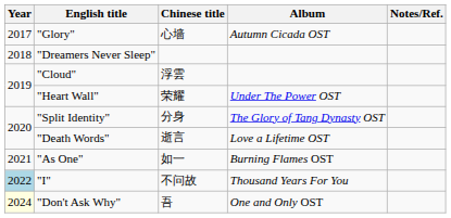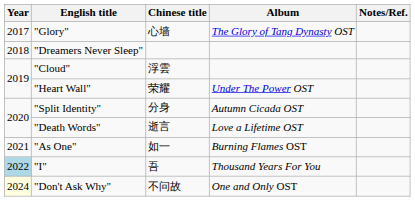 <table class="wikitable">
 <tr>
 <th width=10>Year</th>
 <th>English title</th>
 <th>Chinese title</th>
 <th>Album</th>
 <th>Notes/Ref.</th>
 </tr>
 <tr>
 <td>2017</td>
 <td>"Glory"</td>
 <td>心墙</td>
-<td><em>Autumn Cicada OST</em></td>
+<td><em><a href='#'>The Glory of Tang Dynasty</a> OST</em></td>
 <td></td>
 </tr>
 <tr>
 <td>2018</td>
 <td>"Dreamers Never Sleep"</td>
 <td></td>
 <td></td>
 <td></td>
 </tr>
 <tr>
 <td rowspan=2>2019</td>
 <td>"Cloud"</td>
 <td>浮雲</td>
 <td></td>
 <td></td>
 </tr>
 <tr>
 <td>"Heart Wall"</td>
 <td>荣耀</td>
 <td><em><a href='#'>Under The Power</a> OST</em></td>
 <td></td>
 </tr>
 <tr>
 <td rowspan=2>2020</td>
 <td>"Split Identity"</td>
 <td>分身</td>
-<td><em><a href='#'>The Glory of Tang Dynasty</a> OST</em></td>
+<td><em>Autumn Cicada OST</em></td>
 <td></td>
 </tr>
 <tr>
 <td>"Death Words"</td>
 <td>逝言</td>
 <td><em>Love a Lifetime OST</em></td>
 <td></td>
 </tr>
 <tr>
 <td>2021</td>
 <td>"As One"</td>
 <td>如一</td>
 <td><em>Burning Flames</em> OST</td>
 <td></td>
 </tr>
 <tr>
 <td style="background: lightblue;">2022</td>
 <td>"I"</td>
-<td>不问故</td>
+<td>吾</td>
 <td><em>Thousand Years For You</em></td>
 <td></td>
 </tr>
 <tr>
 <td style="background: lightyellow;">2024</td>
 <td>"Don't Ask Why"</td>
-<td>吾</td>
+<td>不问故</td>
 <td><em>One and Only</em> OST</td>
 <td></td>
 </tr>
 </table>
